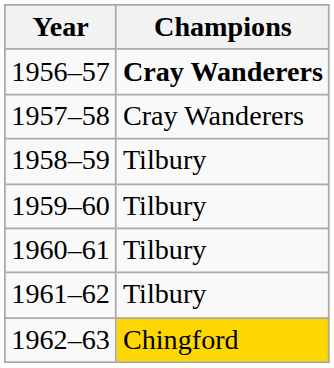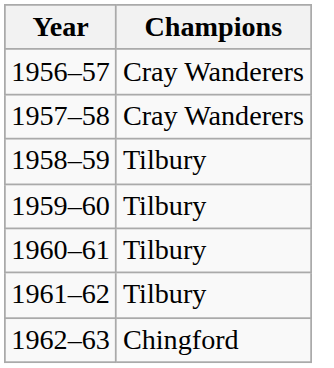 <table class="wikitable">
 <tr>
 <th>Year</th>
 <th>Champions</th>
 </tr>
 <tr>
 <td>1956–57</td>
-<td><strong>Cray Wanderers</strong></td>
+<td>Cray Wanderers</td>
 </tr>
 <tr>
 <td>1957–58</td>
 <td>Cray Wanderers</td>
 </tr>
 <tr>
 <td>1958–59</td>
 <td>Tilbury</td>
 </tr>
 <tr>
 <td>1959–60</td>
 <td>Tilbury</td>
 </tr>
 <tr>
 <td>1960–61</td>
 <td>Tilbury</td>
 </tr>
 <tr>
 <td>1961–62</td>
 <td>Tilbury</td>
 </tr>
 <tr>
 <td>1962–63</td>
-<td style="background: gold;">Chingford</td>
+<td>Chingford</td>
 </tr>
 </table>
